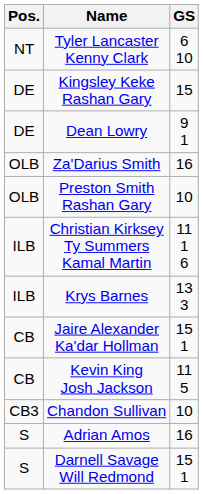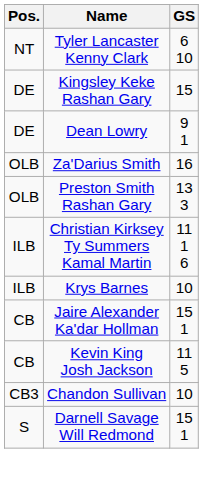 <table class="wikitable" style="text-align:center">
 <tr>
 <th>Pos.</th>
 <th>Name</th>
 <th>GS</th>
 </tr>
 <tr>
 <td>NT</td>
 <td><a href='#'>Tyler Lancaster</a><br><a href='#'>Kenny Clark</a></td>
 <td>6<br>10</td>
 </tr>
 <tr>
 <td>DE</td>
 <td><a href='#'>Kingsley Keke</a><br><a href='#'>Rashan Gary</a></td>
 <td>15</td>
 </tr>
 <tr>
 <td>DE</td>
 <td><a href='#'>Dean Lowry</a></td>
 <td>9<br>1</td>
 </tr>
 <tr>
 <td>OLB</td>
 <td><a href='#'>Za'Darius Smith</a></td>
 <td>16</td>
 </tr>
 <tr>
 <td>OLB</td>
 <td><a href='#'>Preston Smith</a><br><a href='#'>Rashan Gary</a></td>
-<td>10</td>
+<td>13<br>3</td>
 </tr>
 <tr>
 <td>ILB</td>
 <td><a href='#'>Christian Kirksey</a><br><a href='#'>Ty Summers</a><br><a href='#'>Kamal Martin</a></td>
 <td>11<br>1<br>6</td>
 </tr>
 <tr>
 <td>ILB</td>
 <td><a href='#'>Krys Barnes</a></td>
-<td>13<br>3</td>
+<td>10</td>
 </tr>
 <tr>
 <td>CB</td>
 <td><a href='#'>Jaire Alexander</a><br><a href='#'>Ka'dar Hollman</a></td>
 <td>15<br>1</td>
 </tr>
 <tr>
 <td>CB</td>
 <td><a href='#'>Kevin King</a><br><a href='#'>Josh Jackson</a></td>
 <td>11<br>5</td>
 </tr>
 <tr>
 <td>CB3</td>
 <td><a href='#'>Chandon Sullivan</a></td>
 <td>10</td>
 </tr>
 <tr>
 <td>S</td>
-<td><a href='#'>Adrian Amos</a></td>
-<td>16</td>
-</tr>
-<tr>
-<td>S</td>
 <td><a href='#'>Darnell Savage</a><br><a href='#'>Will Redmond</a></td>
 <td>15<br>1</td>
 </tr>
 </table>
